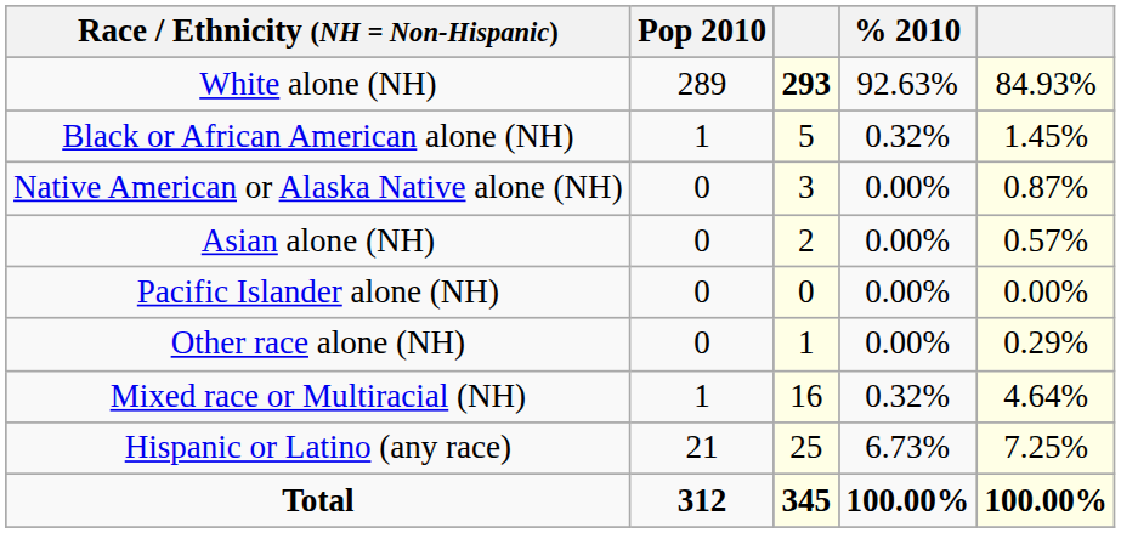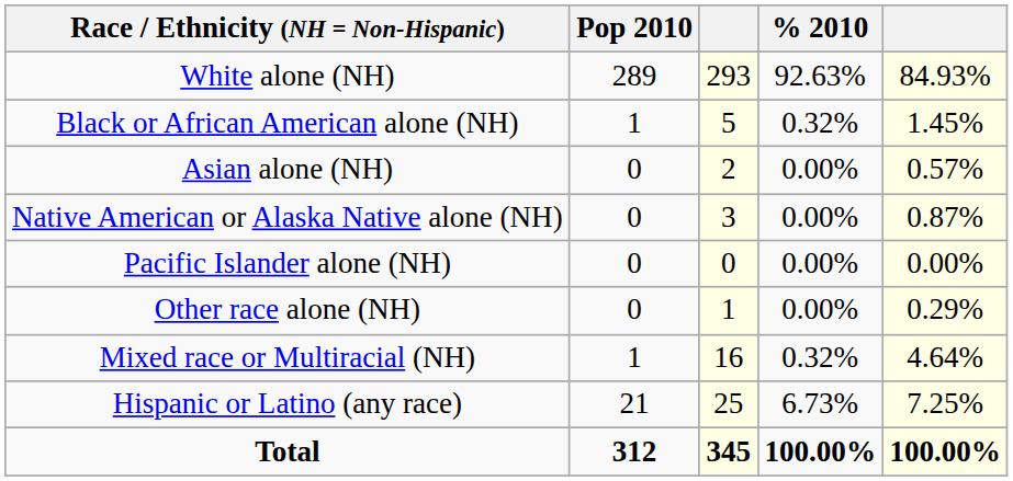 <table class="wikitable" style="text-align:center;">
 <tr>
 <th>Race / Ethnicity <small>(<em>NH = Non-Hispanic</em>)</small></th>
 <th>Pop 2010</th>
 <th></th>
 <th>% 2010</th>
 <th></th>
 </tr>
 <tr>
 <td><a href='#'>White</a> alone (NH)</td>
 <td>289</td>
-<td style='background: #ffffe6;'><strong>293</strong></td>
+<td style='background: #ffffe6;'>293</td>
 <td>92.63%</td>
 <td style='background: #ffffe6;'>84.93%</td>
 </tr>
 <tr>
 <td><a href='#'>Black or African American</a> alone (NH)</td>
 <td>1</td>
 <td style='background: #ffffe6;'>5</td>
 <td>0.32%</td>
 <td style='background: #ffffe6;'>1.45%</td>
 </tr>
 <tr>
+<td><a href='#'>Asian</a> alone (NH)</td>
+<td>0</td>
+<td style='background: #ffffe6;'>2</td>
+<td>0.00%</td>
+<td style='background: #ffffe6;'>0.57%</td>
+</tr>
+<tr>
 <td><a href='#'>Native American</a> or <a href='#'>Alaska Native</a> alone (NH)</td>
 <td>0</td>
 <td style='background: #ffffe6;'>3</td>
 <td>0.00%</td>
 <td style='background: #ffffe6;'>0.87%</td>
-</tr>
-<tr>
-<td><a href='#'>Asian</a> alone (NH)</td>
-<td>0</td>
-<td style='background: #ffffe6;'>2</td>
-<td>0.00%</td>
-<td style='background: #ffffe6;'>0.57%</td>
 </tr>
 <tr>
 <td><a href='#'>Pacific Islander</a> alone (NH)</td>
 <td>0</td>
 <td style='background: #ffffe6;'>0</td>
 <td>0.00%</td>
 <td style='background: #ffffe6;'>0.00%</td>
 </tr>
 <tr>
 <td><a href='#'>Other race</a> alone (NH)</td>
 <td>0</td>
 <td style='background: #ffffe6;'>1</td>
 <td>0.00%</td>
 <td style='background: #ffffe6;'>0.29%</td>
 </tr>
 <tr>
 <td><a href='#'>Mixed race or Multiracial</a> (NH)</td>
 <td>1</td>
 <td style='background: #ffffe6;'>16</td>
 <td>0.32%</td>
 <td style='background: #ffffe6;'>4.64%</td>
 </tr>
 <tr>
 <td><a href='#'>Hispanic or Latino</a> (any race)</td>
 <td>21</td>
 <td style='background: #ffffe6;'>25</td>
 <td>6.73%</td>
 <td style='background: #ffffe6;'>7.25%</td>
 </tr>
 <tr>
 <td><strong>Total</strong></td>
 <td><strong>312</strong></td>
 <td style='background: #ffffe6;'><strong>345</strong></td>
 <td><strong>100.00%</strong></td>
 <td style='background: #ffffe6;'><strong>100.00%</strong></td>
 </tr>
 </table>
